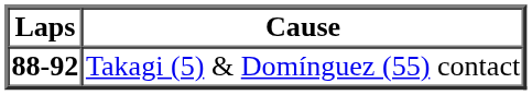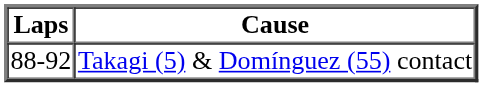 <table border=2 cellspacing=0>
 <tr>
 <th>Laps</th>
 <th>Cause</th>
 </tr>
 <tr>
-<td><strong>88-92</strong></td>
+<td>88-92</td>
 <td><a href='#'>Takagi (5)</a> & <a href='#'>Domínguez (55)</a> contact</td>
 </tr>
 </table>
